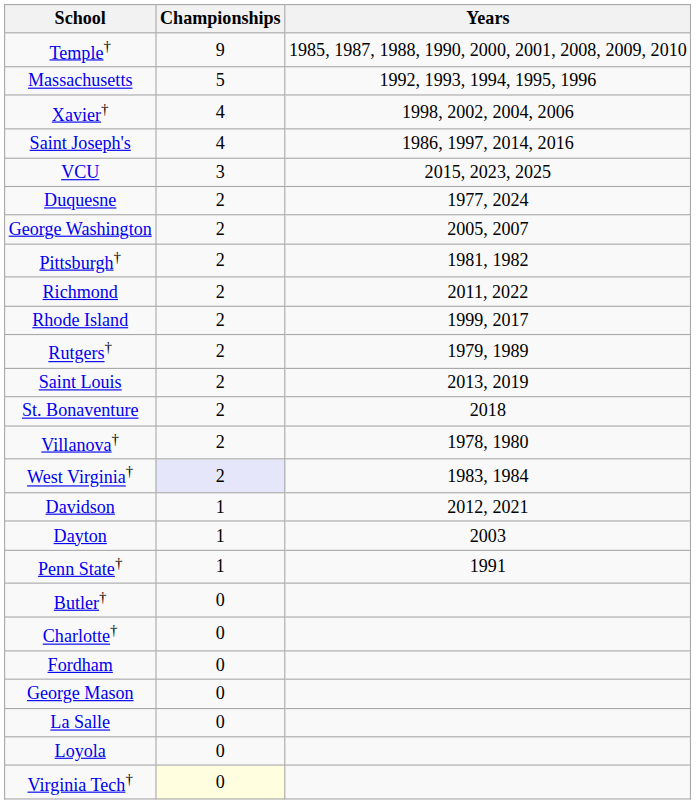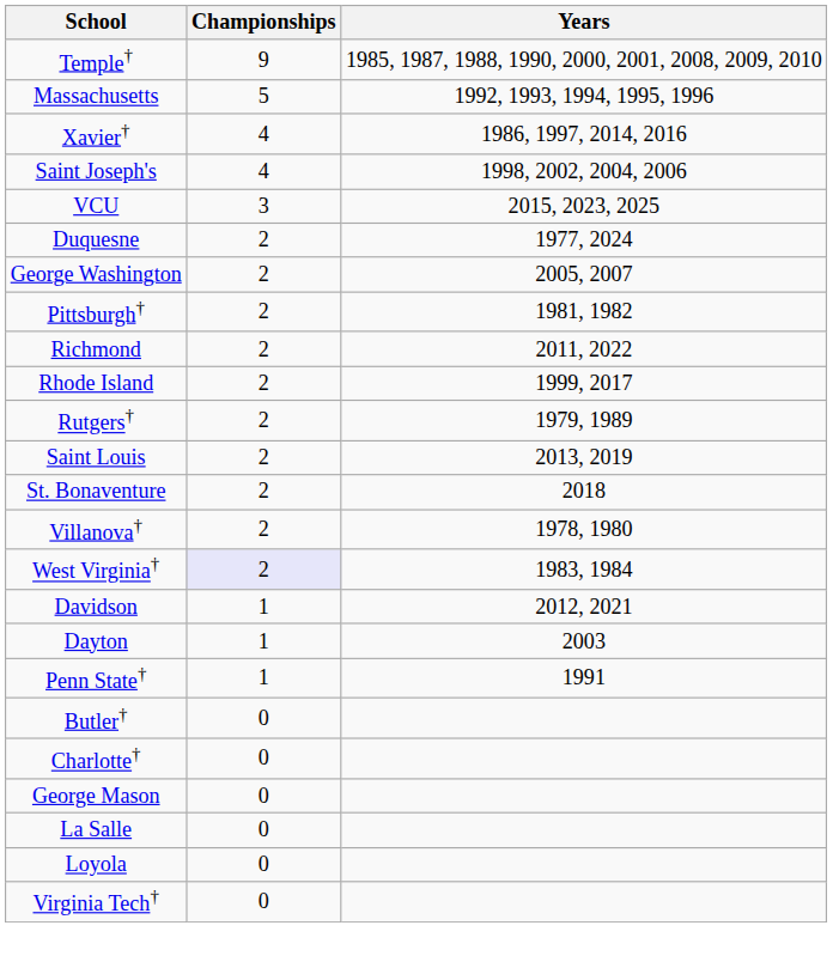 <table class="wikitable sortable" style="text-align:center">
 <tr>
 <th width=px>School</th>
 <th width=px>Championships</th>
 <th width=px>Years</th>
 </tr>
 <tr>
 <td><a href='#'>Temple</a><sup>†</sup></td>
 <td>9</td>
 <td>1985, 1987, 1988, 1990, 2000, 2001, 2008, 2009, 2010</td>
 </tr>
 <tr>
 <td><a href='#'>Massachusetts</a></td>
 <td>5</td>
 <td>1992, 1993, 1994, 1995, 1996</td>
 </tr>
 <tr>
 <td><a href='#'>Xavier</a><sup>†</sup></td>
 <td>4</td>
-<td>1998, 2002, 2004, 2006</td>
+<td>1986, 1997, 2014, 2016</td>
 </tr>
 <tr>
 <td><a href='#'>Saint Joseph's</a></td>
 <td>4</td>
-<td>1986, 1997, 2014, 2016</td>
+<td>1998, 2002, 2004, 2006</td>
 </tr>
 <tr>
 <td><a href='#'>VCU</a></td>
 <td>3</td>
 <td>2015, 2023, 2025</td>
 </tr>
 <tr>
 <td><a href='#'>Duquesne</a></td>
 <td>2</td>
 <td>1977, 2024</td>
 </tr>
 <tr>
 <td><a href='#'>George Washington</a></td>
 <td>2</td>
 <td>2005, 2007</td>
 </tr>
 <tr>
 <td><a href='#'>Pittsburgh</a><sup>†</sup></td>
 <td>2</td>
 <td>1981, 1982</td>
 </tr>
 <tr>
 <td><a href='#'>Richmond</a></td>
 <td>2</td>
 <td>2011, 2022</td>
 </tr>
 <tr>
 <td><a href='#'>Rhode Island</a></td>
 <td>2</td>
 <td>1999, 2017</td>
 </tr>
 <tr>
 <td><a href='#'>Rutgers</a><sup>†</sup></td>
 <td>2</td>
 <td>1979, 1989</td>
 </tr>
 <tr>
 <td><a href='#'>Saint Louis</a></td>
 <td>2</td>
 <td>2013, 2019</td>
 </tr>
 <tr>
 <td><a href='#'>St. Bonaventure</a></td>
 <td>2</td>
 <td>2018</td>
 </tr>
 <tr>
 <td><a href='#'>Villanova</a><sup>†</sup></td>
 <td>2</td>
 <td>1978, 1980</td>
 </tr>
 <tr>
 <td><a href='#'>West Virginia</a><sup>†</sup></td>
 <td style="background: lavender;">2</td>
 <td>1983, 1984</td>
 </tr>
 <tr>
 <td><a href='#'>Davidson</a></td>
 <td>1</td>
 <td>2012, 2021</td>
 </tr>
 <tr>
 <td><a href='#'>Dayton</a></td>
 <td>1</td>
 <td>2003</td>
 </tr>
 <tr>
 <td><a href='#'>Penn State</a><sup>†</sup></td>
 <td>1</td>
 <td>1991</td>
 </tr>
 <tr>
 <td><a href='#'>Butler</a><sup>†</sup></td>
 <td>0</td>
 <td></td>
 </tr>
 <tr>
 <td><a href='#'>Charlotte</a><sup>†</sup></td>
 <td>0</td>
 <td></td>
 </tr>
 <tr>
-<td><a href='#'>Fordham</a></td>
-<td>0</td>
-<td></td>
-</tr>
-<tr>
 <td><a href='#'>George Mason</a></td>
 <td>0</td>
 <td></td>
 </tr>
 <tr>
 <td><a href='#'>La Salle</a></td>
 <td>0</td>
 <td></td>
 </tr>
 <tr>
 <td><a href='#'>Loyola</a></td>
 <td>0</td>
 <td></td>
 </tr>
 <tr>
 <td><a href='#'>Virginia Tech</a><sup>†</sup></td>
-<td style="background: lightyellow;">0</td>
+<td>0</td>
 <td></td>
 </tr>
 </table>
